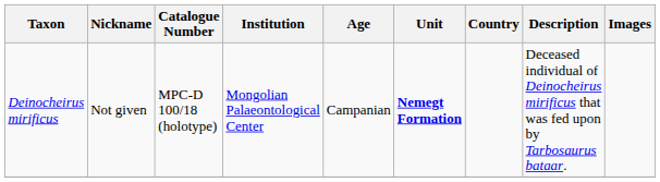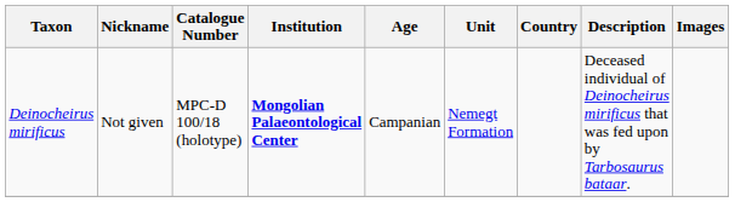 <table class="wikitable sortable" align="center" width="100%">
 <tr>
 <th>Taxon</th>
 <th>Nickname</th>
 <th>Catalogue Number</th>
 <th>Institution</th>
 <th>Age</th>
 <th>Unit</th>
 <th>Country</th>
 <th>Description</th>
 <th>Images</th>
 </tr>
 <tr>
 <td><em><a href='#'>Deinocheirus mirificus</a></em></td>
 <td>Not given</td>
 <td>MPC-D 100/18 (holotype)</td>
-<td><a href='#'>Mongolian Palaeontological Center</a></td>
+<td><strong><a href='#'>Mongolian Palaeontological Center</a></strong></td>
 <td>Campanian</td>
-<td><strong><a href='#'>Nemegt Formation</a></strong></td>
+<td><a href='#'>Nemegt Formation</a></td>
 <td></td>
 <td>Deceased individual of <em><a href='#'>Deinocheirus mirificus</a></em> that was fed upon by <em><a href='#'>Tarbosaurus bataar</a></em>.</td>
 <td></td>
 </tr>
 <tr>
 </tr>
 </table>
